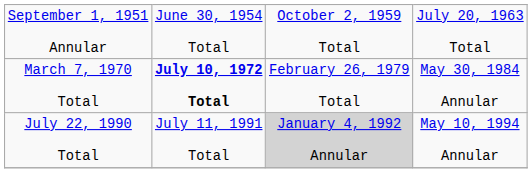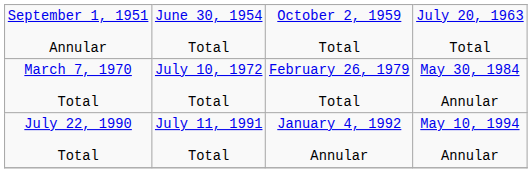 <table class="wikitable sortable">
 <tr align=center>
 <td><a href='#'>September 1, 1951</a><br><br>Annular</td>
 <td><a href='#'>June 30, 1954</a><br><br>Total</td>
 <td><a href='#'>October 2, 1959</a><br><br>Total</td>
 <td><a href='#'>July 20, 1963</a><br><br>Total</td>
 </tr>
 <tr align=center>
 <td><a href='#'>March 7, 1970</a><br><br>Total</td>
-<td><strong><a href='#'>July 10, 1972</a><br><br>Total</strong></td>
+<td><a href='#'>July 10, 1972</a><br><br>Total</td>
 <td><a href='#'>February 26, 1979</a><br><br>Total</td>
 <td><a href='#'>May 30, 1984</a><br><br>Annular</td>
 </tr>
 <tr align=center>
 <td><a href='#'>July 22, 1990</a><br><br>Total</td>
 <td><a href='#'>July 11, 1991</a><br><br>Total</td>
-<td style="background: lightgrey;"><a href='#'>January 4, 1992</a><br><br>Annular</td>
+<td><a href='#'>January 4, 1992</a><br><br>Annular</td>
 <td><a href='#'>May 10, 1994</a><br><br>Annular</td>
 </tr>
 <tr align=center>
 </tr>
 </table>
